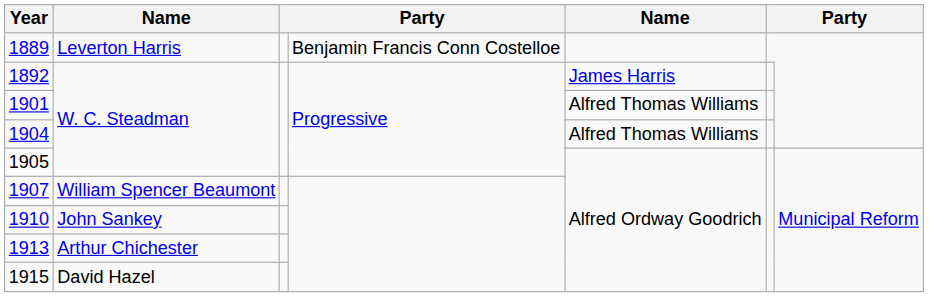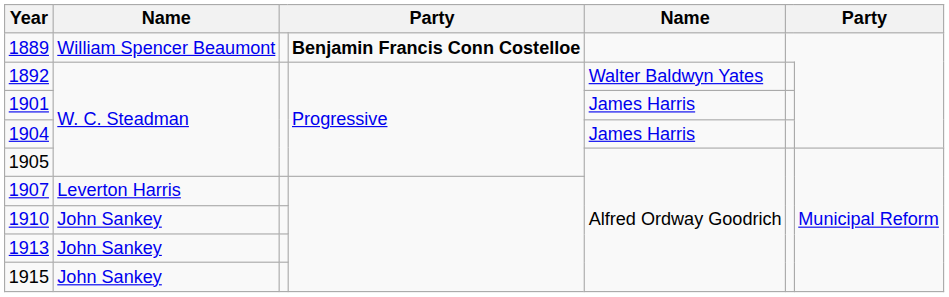 <table class="wikitable">
 <tr>
 <th>Year</th>
 <th>Name</th>
 <th colspan=2>Party</th>
 <th>Name</th>
 <th colspan=2>Party</th>
 </tr>
 <tr>
 <td><a href='#'>1889</a></td>
-<td><a href='#'>Leverton Harris</a></td>
+<td><a href='#'>William Spencer Beaumont</a></td>
 <td></td>
-<td>Benjamin Francis Conn Costelloe</td>
+<td><strong>Benjamin Francis Conn Costelloe</strong></td>
 <td></td>
 </tr>
 <tr>
 <td><a href='#'>1892</a></td>
 <td rowspan=4><a href='#'>W. C. Steadman</a></td>
 <td rowspan=4 style="background-color: "></td>
 <td rowspan=4><a href='#'>Progressive</a></td>
+<td><a href='#'>Walter Baldwyn Yates</a></td>
+<td></td>
+</tr>
+<tr>
+<td><a href='#'>1901</a></td>
 <td><a href='#'>James Harris</a></td>
 <td></td>
 </tr>
 <tr>
-<td><a href='#'>1901</a></td>
-<td>Alfred Thomas Williams</td>
-<td></td>
-</tr>
-<tr>
 <td><a href='#'>1904</a></td>
-<td>Alfred Thomas Williams</td>
+<td><a href='#'>James Harris</a></td>
 <td></td>
 </tr>
 <tr>
 <td>1905</td>
 <td rowspan=5>Alfred Ordway Goodrich</td>
 <td rowspan=5 style="background-color: "></td>
 <td rowspan=5><a href='#'>Municipal Reform</a></td>
 </tr>
 <tr>
 <td><a href='#'>1907</a></td>
-<td><a href='#'>William Spencer Beaumont</a></td>
+<td><a href='#'>Leverton Harris</a></td>
 <td></td>
 </tr>
 <tr>
 <td><a href='#'>1910</a></td>
 <td><a href='#'>John Sankey</a></td>
 <td></td>
 </tr>
 <tr>
 <td><a href='#'>1913</a></td>
-<td><a href='#'>Arthur Chichester</a></td>
+<td><a href='#'>John Sankey</a></td>
 <td></td>
 </tr>
 <tr>
 <td>1915</td>
-<td>David Hazel</td>
+<td><a href='#'>John Sankey</a></td>
 <td></td>
 </tr>
 </table>
